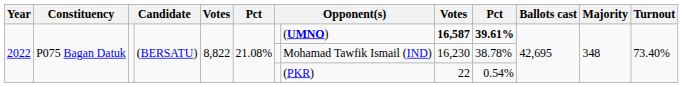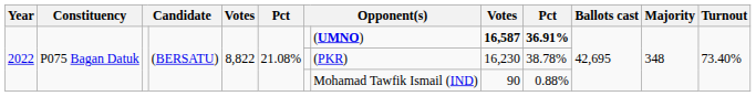 <table class="wikitable" style="margin:0.5em ; font-size:95%">
 <tr>
 <th>Year</th>
 <th>Constituency</th>
 <th colspan=2>Candidate</th>
 <th>Votes</th>
 <th>Pct</th>
 <th colspan=2>Opponent(s)</th>
 <th>Votes</th>
 <th>Pct</th>
 <th>Ballots cast</th>
 <th>Majority</th>
 <th>Turnout</th>
 </tr>
 <tr>
 <td rowspan=3><a href='#'>2022</a></td>
 <td rowspan=3>P075 <a href='#'>Bagan Datuk</a></td>
 <td rowspan=3 bgcolor=></td>
 <td rowspan=3> (<a href='#'>BERSATU</a>)</td>
 <td rowspan=3 align=right>8,822</td>
 <td rowspan=3>21.08%</td>
 <td></td>
 <td> (<a href='#'><strong>UMNO</strong></a>)</td>
 <td align=right><strong>16,587</strong></td>
-<td><strong>39.61%</strong></td>
+<td><strong>36.91%</strong></td>
 <td rowspan=3>42,695</td>
 <td rowspan=3>348</td>
 <td rowspan=3>73.40%</td>
 </tr>
 <tr>
 <td></td>
-<td>Mohamad Tawfik Ismail (<a href='#'>IND</a>)</td>
+<td> (<a href='#'>PKR</a>)</td>
 <td align=right>16,230</td>
 <td>38.78%</td>
 </tr>
 <tr>
 <td></td>
-<td> (<a href='#'>PKR</a>)</td>
-<td align=right>22</td>
-<td align=right>0.54%</td>
+<td>Mohamad Tawfik Ismail (<a href='#'>IND</a>)</td>
+<td align=right>90</td>
+<td align=right>0.88%</td>
 </tr>
 </table>
